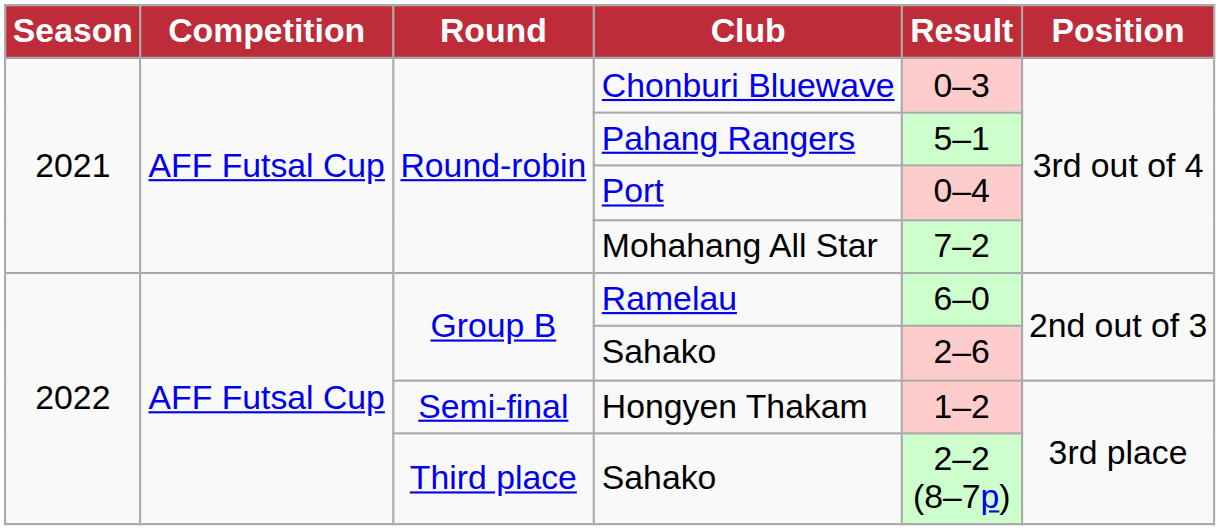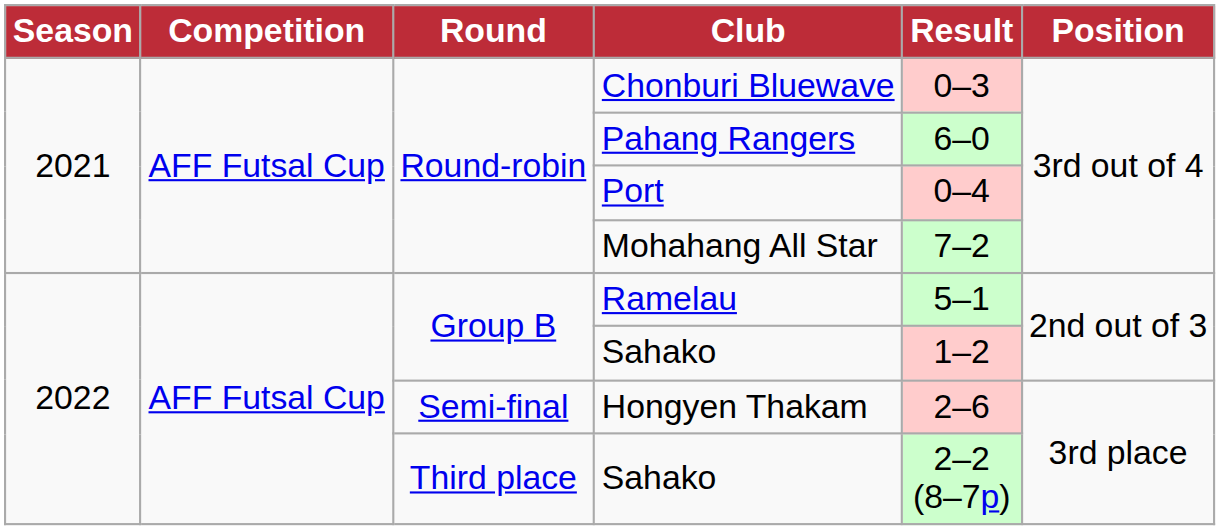 <table class="wikitable" style="text-align:center;">
 <tr>
 <th style="background:#bd2c38; color:white;">Season</th>
 <th style="background:#bd2c38; color:white;">Competition</th>
 <th style="background:#bd2c38; color:white;">Round</th>
 <th style="background:#bd2c38; color:white;">Club</th>
 <th style="background:#bd2c38; color:white;">Result</th>
 <th style="background:#bd2c38; color:white;">Position</th>
 </tr>
 <tr>
 <td rowspan="4">2021</td>
 <td rowspan="4"><a href='#'>AFF Futsal Cup</a></td>
 <td rowspan="4"><a href='#'>Round-robin</a></td>
 <td align="left"> <a href='#'>Chonburi Bluewave</a></td>
 <td style="background:#ffcccc">0–3</td>
 <td rowspan="4">3rd out of 4</td>
 </tr>
 <tr>
 <td align="left"> <a href='#'>Pahang Rangers</a></td>
-<td style="background:#ccffcc">5–1</td>
+<td style="background:#ccffcc">6–0</td>
 </tr>
 <tr>
 <td align="left"> <a href='#'>Port</a></td>
 <td style="background:#ffcccc">0–4</td>
 </tr>
 <tr>
 <td align="left"> Mohahang All Star</td>
 <td style="background:#ccffcc">7–2</td>
 </tr>
 <tr>
 <td rowspan="4">2022</td>
 <td rowspan="4"><a href='#'>AFF Futsal Cup</a></td>
 <td rowspan="2"><a href='#'>Group B</a></td>
 <td align="left"> <a href='#'>Ramelau</a></td>
-<td style="background:#ccffcc">6–0</td>
+<td style="background:#ccffcc">5–1</td>
 <td rowspan="2">2nd out of 3</td>
 </tr>
 <tr>
 <td align="left"> Sahako</td>
-<td style="background:#ffcccc">2–6</td>
+<td style="background:#ffcccc">1–2</td>
 </tr>
 <tr>
 <td><a href='#'>Semi-final</a></td>
 <td align="left"> Hongyen Thakam</td>
-<td style="background:#ffcccc">1–2</td>
+<td style="background:#ffcccc">2–6</td>
 <td rowspan="2">3rd place</td>
 </tr>
 <tr>
 <td><a href='#'>Third place</a></td>
 <td align="left"> Sahako</td>
 <td style="background:#ccffcc">2–2 <br>(8–7<a href='#'>p</a>)</td>
 </tr>
 </table>
